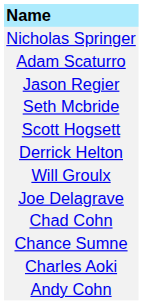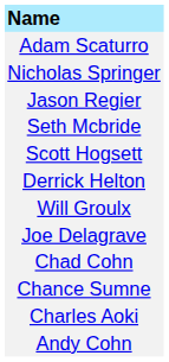 <table border=0 cellpadding=2 cellspacing=0  |- bgcolor=#F2F2F2 style="text-align:center; font-size:90%;">
 <tr bgcolor=#ADEBFD>
 <th align=left>Name</th>
 </tr>
 <tr>
-<td><a href='#'>Nicholas Springer</a></td>
+<td><a href='#'>Adam Scaturro</a></td>
 </tr>
 <tr>
-<td><a href='#'>Adam Scaturro</a></td>
+<td><a href='#'>Nicholas Springer</a></td>
 </tr>
 <tr>
 <td><a href='#'>Jason Regier</a></td>
 </tr>
 <tr>
 <td><a href='#'>Seth Mcbride</a></td>
 </tr>
 <tr>
 <td><a href='#'>Scott Hogsett</a></td>
 </tr>
 <tr>
 <td><a href='#'>Derrick Helton</a></td>
 </tr>
 <tr>
 <td><a href='#'>Will Groulx</a></td>
 </tr>
 <tr>
 <td><a href='#'>Joe Delagrave</a></td>
 </tr>
 <tr>
 <td><a href='#'>Chad Cohn</a></td>
 </tr>
 <tr>
 <td><a href='#'>Chance Sumne</a></td>
 </tr>
 <tr>
 <td><a href='#'>Charles Aoki</a></td>
 </tr>
 <tr>
 <td><a href='#'>Andy Cohn</a></td>
 </tr>
 </table>
